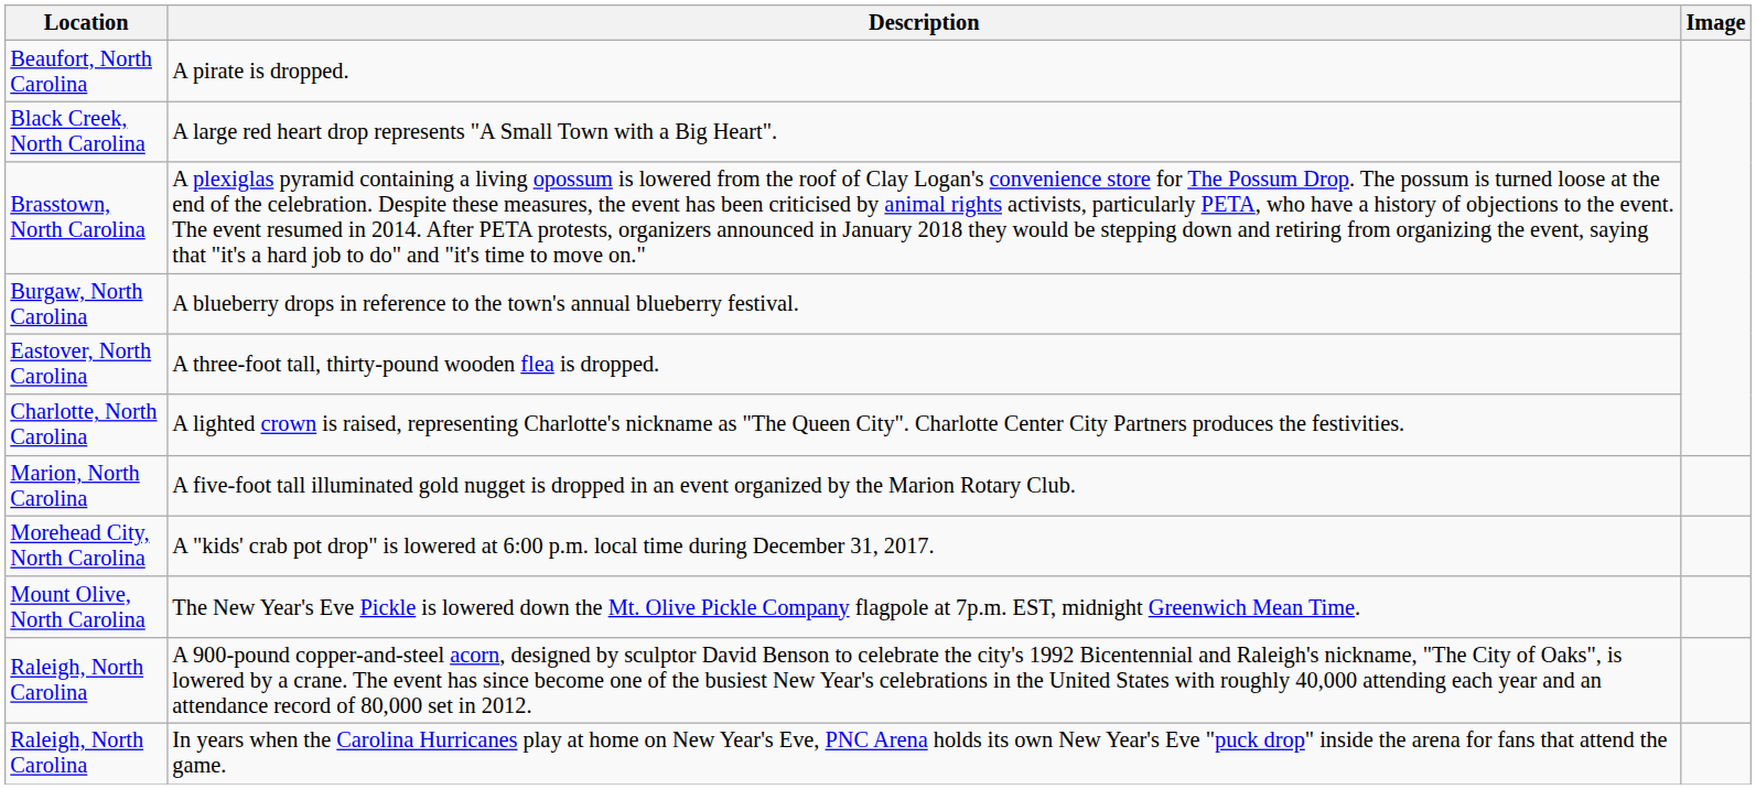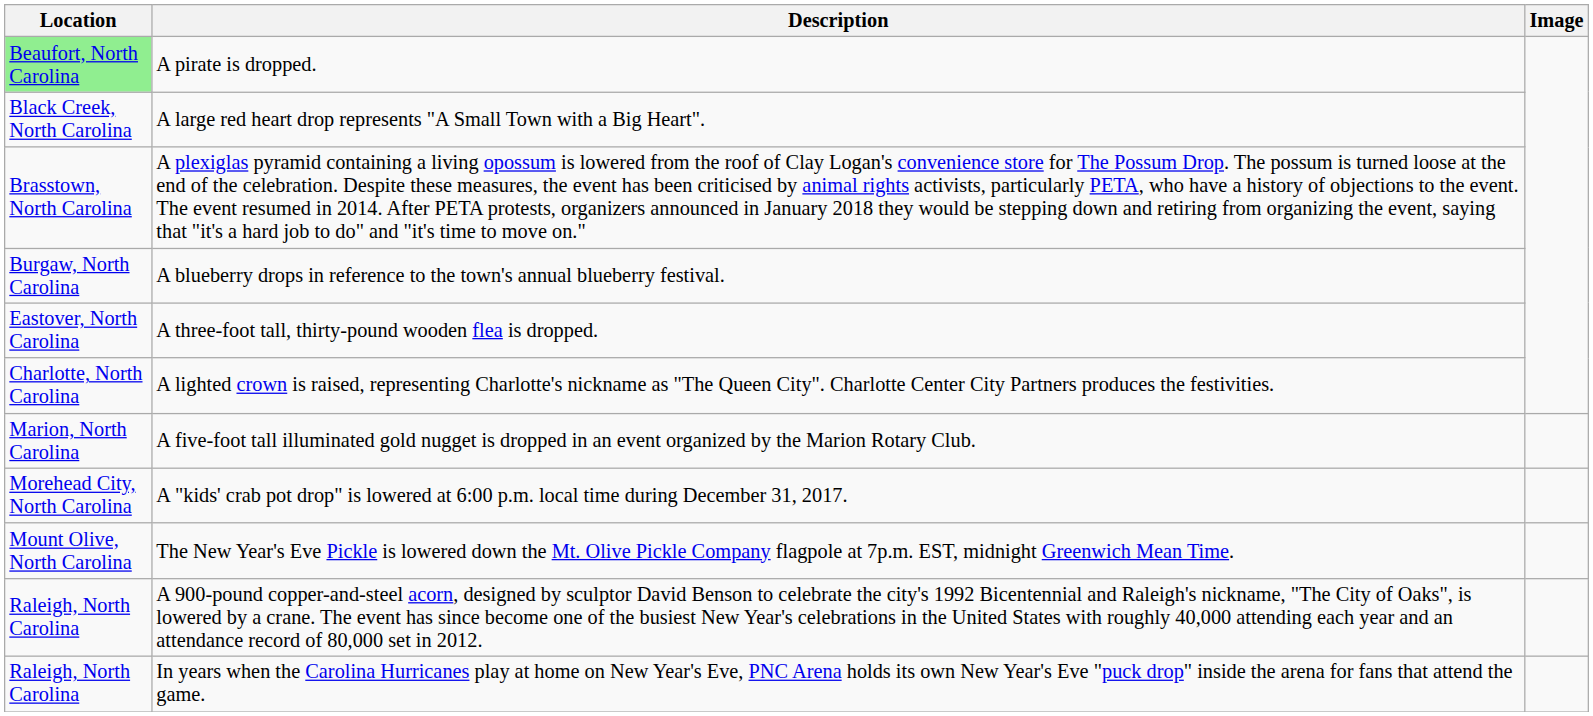 <table class="wikitable">
 <tr>
 <th>Location</th>
 <th>Description</th>
 <th>Image</th>
 </tr>
 <tr>
-<td><a href='#'>Beaufort, North Carolina</a></td>
+<td style="background: lightgreen;"><a href='#'>Beaufort, North Carolina</a></td>
 <td>A pirate is dropped.</td>
 </tr>
 <tr>
 <td><a href='#'>Black Creek, North Carolina</a></td>
 <td>A large red heart drop represents "A Small Town with a Big Heart".</td>
 </tr>
 <tr>
 <td><a href='#'>Brasstown, North Carolina</a></td>
 <td>A <a href='#'>plexiglas</a> pyramid containing a living <a href='#'>opossum</a> is lowered from the roof of Clay Logan's <a href='#'>convenience store</a> for <a href='#'>The Possum Drop</a>. The possum is turned loose at the end of the celebration. Despite these measures, the event has been criticised by <a href='#'>animal rights</a> activists, particularly <a href='#'>PETA</a>, who have a history of objections to the event. The event resumed in 2014. After PETA protests, organizers announced in January 2018 they would be stepping down and retiring from organizing the event, saying that "it's a hard job to do" and "it's time to move on."</td>
 </tr>
 <tr>
 <td><a href='#'>Burgaw, North Carolina</a></td>
 <td>A blueberry drops in reference to the town's annual blueberry festival.</td>
 </tr>
 <tr>
 <td><a href='#'>Eastover, North Carolina</a></td>
 <td>A three-foot tall, thirty-pound wooden <a href='#'>flea</a> is dropped.</td>
 </tr>
 <tr>
 <td><a href='#'>Charlotte, North Carolina</a></td>
 <td>A lighted <a href='#'>crown</a> is raised, representing Charlotte's nickname as "The Queen City". Charlotte Center City Partners produces the festivities.</td>
 </tr>
 <tr>
 <td><a href='#'>Marion, North Carolina</a></td>
 <td>A five-foot tall illuminated gold nugget is dropped in an event organized by the Marion Rotary Club.</td>
 <td></td>
 </tr>
 <tr>
 <td><a href='#'>Morehead City, North Carolina</a></td>
 <td>A "kids' crab pot drop" is lowered at 6:00 p.m. local time during December 31, 2017.</td>
 </tr>
 <tr>
 <td><a href='#'>Mount Olive, North Carolina</a></td>
 <td>The New Year's Eve <a href='#'>Pickle</a> is lowered down the <a href='#'>Mt. Olive Pickle Company</a> flagpole at 7p.m. EST, midnight <a href='#'>Greenwich Mean Time</a>.</td>
 <td></td>
 </tr>
 <tr>
 <td><a href='#'>Raleigh, North Carolina</a></td>
 <td>A 900-pound copper-and-steel <a href='#'>acorn</a>, designed by sculptor David Benson to celebrate the city's 1992 Bicentennial and Raleigh's nickname, "The City of Oaks", is lowered by a crane. The event has since become one of the busiest New Year's celebrations in the United States with roughly 40,000 attending each year and an attendance record of 80,000 set in 2012.</td>
 <td></td>
 </tr>
 <tr>
 <td><a href='#'>Raleigh, North Carolina</a></td>
 <td>In years when the <a href='#'>Carolina Hurricanes</a> play at home on New Year's Eve, <a href='#'>PNC Arena</a> holds its own New Year's Eve "<a href='#'>puck drop</a>" inside the arena for fans that attend the game.</td>
 </tr>
 </table>
